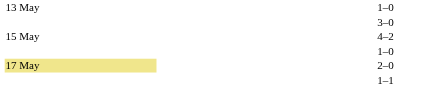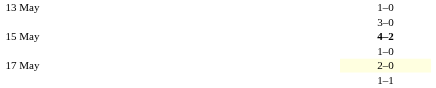 <table cellspacing=1 width=70%>
 <tr>
 <th width=25%></th>
 <th width=30%></th>
 <th width=15%></th>
 <th width=30%></th>
 </tr>
 <tr>
 <td>13 May</td>
 <td align=right></td>
 <td align=center>1–0</td>
 <td></td>
 </tr>
 <tr>
 <td></td>
 <td align=right></td>
 <td align=center>3–0</td>
 <td></td>
 </tr>
 <tr>
 <td>15 May</td>
 <td align=right></td>
-<td align=center>4–2</td>
+<td align=center><strong>4–2</strong></td>
 <td></td>
 </tr>
 <tr>
 <td></td>
 <td align=right></td>
 <td align=center>1–0</td>
 <td></td>
 </tr>
 <tr>
-<td style="background: khaki;">17 May</td>
+<td>17 May</td>
 <td align=right></td>
-<td align=center>2–0</td>
+<td align=center style="background: lightyellow;">2–0</td>
 <td></td>
 </tr>
 <tr>
 <td></td>
 <td align=right></td>
 <td align=center>1–1</td>
 <td></td>
 </tr>
 </table>
